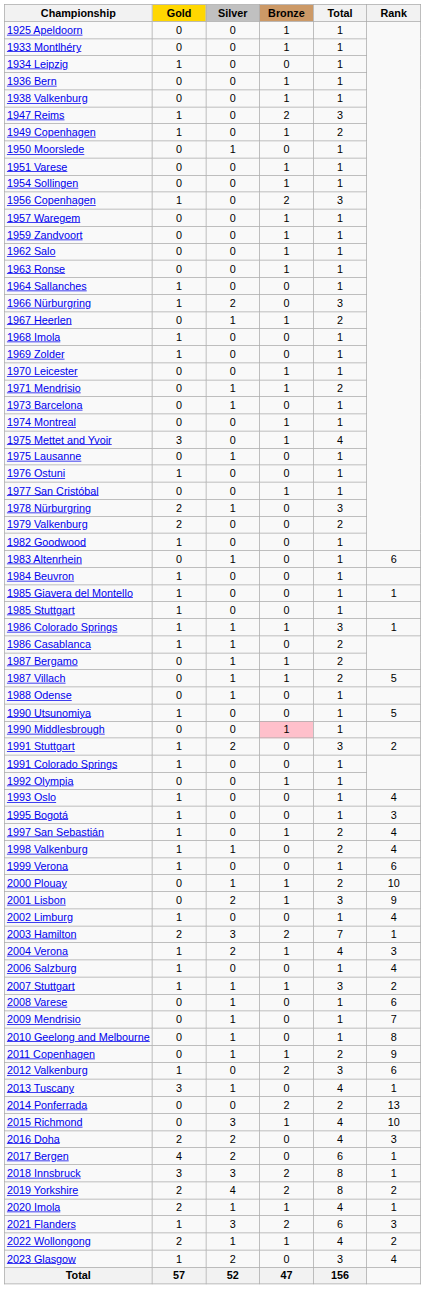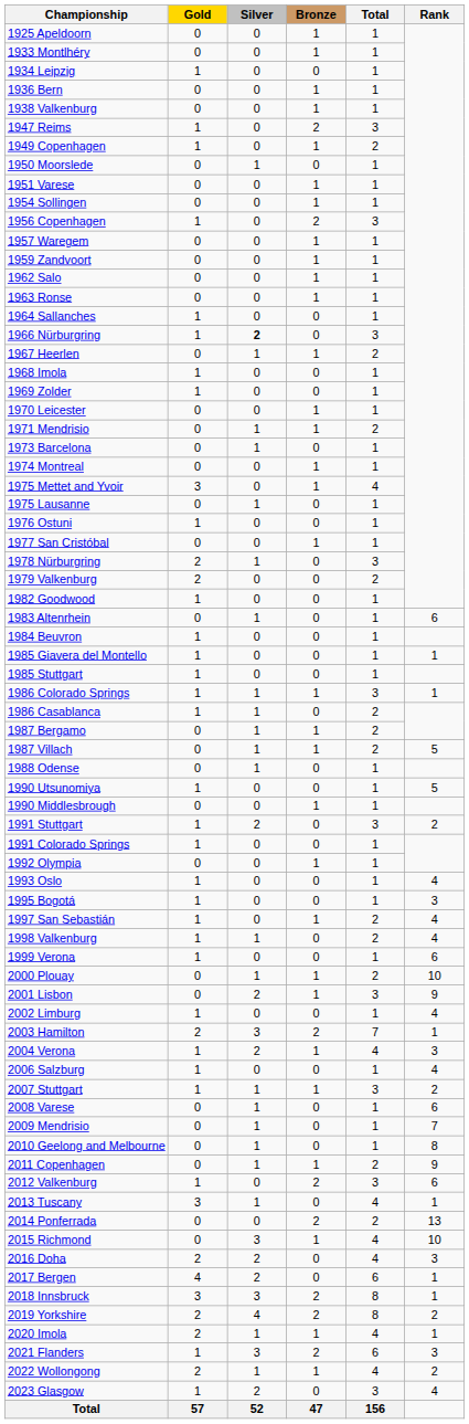 <table class="wikitable sortable" border="1" style="text-align:center; font-size:90%;">
 <tr>
 <th style="width:15:em;">Championship</th>
 <td style="background:gold; width:4.5em; font-weight:bold;">Gold</td>
 <td style="background:silver; width:4.5em; font-weight:bold;">Silver</td>
 <td style="background:#cc9966; width:4.5em; font-weight:bold;">Bronze</td>
 <th style="width:4.5em;">Total</th>
 <th style="width:4.5em;">Rank</th>
 </tr>
 <tr>
 <td align=left> <a href='#'>1925 Apeldoorn</a></td>
 <td>0</td>
 <td>0</td>
 <td>1</td>
 <td>1</td>
 </tr>
 <tr>
 <td align=left> <a href='#'>1933 Montlhéry</a></td>
 <td>0</td>
 <td>0</td>
 <td>1</td>
 <td>1</td>
 </tr>
 <tr>
 <td align=left> <a href='#'>1934 Leipzig</a></td>
 <td>1</td>
 <td>0</td>
 <td>0</td>
 <td>1</td>
 </tr>
 <tr>
 <td align=left> <a href='#'>1936 Bern</a></td>
 <td>0</td>
 <td>0</td>
 <td>1</td>
 <td>1</td>
 </tr>
 <tr>
 <td align=left> <a href='#'>1938 Valkenburg</a></td>
 <td>0</td>
 <td>0</td>
 <td>1</td>
 <td>1</td>
 </tr>
 <tr>
 <td align=left> <a href='#'>1947 Reims</a></td>
 <td>1</td>
 <td>0</td>
 <td>2</td>
 <td>3</td>
 </tr>
 <tr>
 <td align=left> <a href='#'>1949 Copenhagen</a></td>
 <td>1</td>
 <td>0</td>
 <td>1</td>
 <td>2</td>
 </tr>
 <tr>
 <td align=left> <a href='#'>1950 Moorslede</a></td>
 <td>0</td>
 <td>1</td>
 <td>0</td>
 <td>1</td>
 </tr>
 <tr>
 <td align=left> <a href='#'>1951 Varese</a></td>
 <td>0</td>
 <td>0</td>
 <td>1</td>
 <td>1</td>
 </tr>
 <tr>
 <td align=left> <a href='#'>1954 Sollingen</a></td>
 <td>0</td>
 <td>0</td>
 <td>1</td>
 <td>1</td>
 </tr>
 <tr>
 <td align=left> <a href='#'>1956 Copenhagen</a></td>
 <td>1</td>
 <td>0</td>
 <td>2</td>
 <td>3</td>
 </tr>
 <tr>
 <td align=left> <a href='#'>1957 Waregem</a></td>
 <td>0</td>
 <td>0</td>
 <td>1</td>
 <td>1</td>
 </tr>
 <tr>
 <td align=left> <a href='#'>1959 Zandvoort</a></td>
 <td>0</td>
 <td>0</td>
 <td>1</td>
 <td>1</td>
 </tr>
 <tr>
 <td align=left> <a href='#'>1962 Salo</a></td>
 <td>0</td>
 <td>0</td>
 <td>1</td>
 <td>1</td>
 </tr>
 <tr>
 <td align=left> <a href='#'>1963 Ronse</a></td>
 <td>0</td>
 <td>0</td>
 <td>1</td>
 <td>1</td>
 </tr>
 <tr>
 <td align=left> <a href='#'>1964 Sallanches</a></td>
 <td>1</td>
 <td>0</td>
 <td>0</td>
 <td>1</td>
 </tr>
 <tr>
 <td align=left> <a href='#'>1966 Nürburgring</a></td>
 <td>1</td>
-<td>2</td>
+<td><strong>2</strong></td>
 <td>0</td>
 <td>3</td>
 </tr>
 <tr>
 <td align=left> <a href='#'>1967 Heerlen</a></td>
 <td>0</td>
 <td>1</td>
 <td>1</td>
 <td>2</td>
 </tr>
 <tr>
 <td align=left> <a href='#'>1968 Imola</a></td>
 <td>1</td>
 <td>0</td>
 <td>0</td>
 <td>1</td>
 </tr>
 <tr>
 <td align=left> <a href='#'>1969 Zolder</a></td>
 <td>1</td>
 <td>0</td>
 <td>0</td>
 <td>1</td>
 </tr>
 <tr>
 <td align=left> <a href='#'>1970 Leicester</a></td>
 <td>0</td>
 <td>0</td>
 <td>1</td>
 <td>1</td>
 </tr>
 <tr>
 <td align=left> <a href='#'>1971 Mendrisio</a></td>
 <td>0</td>
 <td>1</td>
 <td>1</td>
 <td>2</td>
 </tr>
 <tr>
 <td align=left> <a href='#'>1973 Barcelona</a></td>
 <td>0</td>
 <td>1</td>
 <td>0</td>
 <td>1</td>
 </tr>
 <tr>
 <td align=left> <a href='#'>1974 Montreal</a></td>
 <td>0</td>
 <td>0</td>
 <td>1</td>
 <td>1</td>
 </tr>
 <tr>
 <td align=left> <a href='#'>1975 Mettet and Yvoir</a></td>
 <td>3</td>
 <td>0</td>
 <td>1</td>
 <td>4</td>
 </tr>
 <tr>
 <td align=left> <a href='#'>1975 Lausanne</a></td>
 <td>0</td>
 <td>1</td>
 <td>0</td>
 <td>1</td>
 </tr>
 <tr>
 <td align=left> <a href='#'>1976 Ostuni</a></td>
 <td>1</td>
 <td>0</td>
 <td>0</td>
 <td>1</td>
 </tr>
 <tr>
 <td align=left> <a href='#'>1977 San Cristóbal</a></td>
 <td>0</td>
 <td>0</td>
 <td>1</td>
 <td>1</td>
 </tr>
 <tr>
 <td align=left> <a href='#'>1978 Nürburgring</a></td>
 <td>2</td>
 <td>1</td>
 <td>0</td>
 <td>3</td>
 </tr>
 <tr>
 <td align=left> <a href='#'>1979 Valkenburg</a></td>
 <td>2</td>
 <td>0</td>
 <td>0</td>
 <td>2</td>
 </tr>
 <tr>
 <td align=left> <a href='#'>1982 Goodwood</a></td>
 <td>1</td>
 <td>0</td>
 <td>0</td>
 <td>1</td>
 </tr>
 <tr>
 <td align=left> <a href='#'>1983 Altenrhein</a></td>
 <td>0</td>
 <td>1</td>
 <td>0</td>
 <td>1</td>
 <td>6</td>
 </tr>
 <tr>
 <td align=left> <a href='#'>1984 Beuvron</a></td>
 <td>1</td>
 <td>0</td>
 <td>0</td>
 <td>1</td>
 </tr>
 <tr>
 <td align=left> <a href='#'>1985 Giavera del Montello</a></td>
 <td>1</td>
 <td>0</td>
 <td>0</td>
 <td>1</td>
 <td>1</td>
 </tr>
 <tr>
 <td align=left> <a href='#'>1985 Stuttgart</a></td>
 <td>1</td>
 <td>0</td>
 <td>0</td>
 <td>1</td>
 </tr>
 <tr>
 <td align=left> <a href='#'>1986 Colorado Springs</a></td>
 <td>1</td>
 <td>1</td>
 <td>1</td>
 <td>3</td>
 <td>1</td>
 </tr>
 <tr>
 <td align=left> <a href='#'>1986 Casablanca</a></td>
 <td>1</td>
 <td>1</td>
 <td>0</td>
 <td>2</td>
 </tr>
 <tr>
 <td align=left> <a href='#'>1987 Bergamo</a></td>
 <td>0</td>
 <td>1</td>
 <td>1</td>
 <td>2</td>
 </tr>
 <tr>
 <td align=left> <a href='#'>1987 Villach</a></td>
 <td>0</td>
 <td>1</td>
 <td>1</td>
 <td>2</td>
 <td>5</td>
 </tr>
 <tr>
 <td align=left> <a href='#'>1988 Odense</a></td>
 <td>0</td>
 <td>1</td>
 <td>0</td>
 <td>1</td>
 </tr>
 <tr>
 <td align=left> <a href='#'>1990 Utsunomiya</a></td>
 <td>1</td>
 <td>0</td>
 <td>0</td>
 <td>1</td>
 <td>5</td>
 </tr>
 <tr>
 <td align=left> <a href='#'>1990 Middlesbrough</a></td>
 <td>0</td>
 <td>0</td>
-<td style="background: pink;">1</td>
+<td>1</td>
 <td>1</td>
 </tr>
 <tr>
 <td align=left> <a href='#'>1991 Stuttgart</a></td>
 <td>1</td>
 <td>2</td>
 <td>0</td>
 <td>3</td>
 <td>2</td>
 </tr>
 <tr>
 <td align=left> <a href='#'>1991 Colorado Springs</a></td>
 <td>1</td>
 <td>0</td>
 <td>0</td>
 <td>1</td>
 </tr>
 <tr>
 <td align=left> <a href='#'>1992 Olympia</a></td>
 <td>0</td>
 <td>0</td>
 <td>1</td>
 <td>1</td>
 </tr>
 <tr>
 <td align=left> <a href='#'>1993 Oslo</a></td>
 <td>1</td>
 <td>0</td>
 <td>0</td>
 <td>1</td>
 <td>4</td>
 </tr>
 <tr>
 <td align=left> <a href='#'>1995 Bogotá</a></td>
 <td>1</td>
 <td>0</td>
 <td>0</td>
 <td>1</td>
 <td>3</td>
 </tr>
 <tr>
 <td align=left> <a href='#'>1997 San Sebastián</a></td>
 <td>1</td>
 <td>0</td>
 <td>1</td>
 <td>2</td>
 <td>4</td>
 </tr>
 <tr>
 <td align=left> <a href='#'>1998 Valkenburg</a></td>
 <td>1</td>
 <td>1</td>
 <td>0</td>
 <td>2</td>
 <td>4</td>
 </tr>
 <tr>
 <td align=left> <a href='#'>1999 Verona</a></td>
 <td>1</td>
 <td>0</td>
 <td>0</td>
 <td>1</td>
 <td>6</td>
 </tr>
 <tr>
 <td align=left> <a href='#'>2000 Plouay</a></td>
 <td>0</td>
 <td>1</td>
 <td>1</td>
 <td>2</td>
 <td>10</td>
 </tr>
 <tr>
 <td align=left> <a href='#'>2001 Lisbon</a></td>
 <td>0</td>
 <td>2</td>
 <td>1</td>
 <td>3</td>
 <td>9</td>
 </tr>
 <tr>
 <td align=left> <a href='#'>2002 Limburg</a></td>
 <td>1</td>
 <td>0</td>
 <td>0</td>
 <td>1</td>
 <td>4</td>
 </tr>
 <tr>
 <td align=left> <a href='#'>2003 Hamilton</a></td>
 <td>2</td>
 <td>3</td>
 <td>2</td>
 <td>7</td>
 <td>1</td>
 </tr>
 <tr>
 <td align=left> <a href='#'>2004 Verona</a></td>
 <td>1</td>
 <td>2</td>
 <td>1</td>
 <td>4</td>
 <td>3</td>
 </tr>
 <tr>
 <td align=left> <a href='#'>2006 Salzburg</a></td>
 <td>1</td>
 <td>0</td>
 <td>0</td>
 <td>1</td>
 <td>4</td>
 </tr>
 <tr>
 <td align=left> <a href='#'>2007 Stuttgart</a></td>
 <td>1</td>
 <td>1</td>
 <td>1</td>
 <td>3</td>
 <td>2</td>
 </tr>
 <tr>
 <td align=left> <a href='#'>2008 Varese</a></td>
 <td>0</td>
 <td>1</td>
 <td>0</td>
 <td>1</td>
 <td>6</td>
 </tr>
 <tr>
 <td align=left> <a href='#'>2009 Mendrisio</a></td>
 <td>0</td>
 <td>1</td>
 <td>0</td>
 <td>1</td>
 <td>7</td>
 </tr>
 <tr>
 <td align=left> <a href='#'>2010 Geelong and Melbourne</a></td>
 <td>0</td>
 <td>1</td>
 <td>0</td>
 <td>1</td>
 <td>8</td>
 </tr>
 <tr>
 <td align=left> <a href='#'>2011 Copenhagen</a></td>
 <td>0</td>
 <td>1</td>
 <td>1</td>
 <td>2</td>
 <td>9</td>
 </tr>
 <tr>
 <td align=left> <a href='#'>2012 Valkenburg</a></td>
 <td>1</td>
 <td>0</td>
 <td>2</td>
 <td>3</td>
 <td>6</td>
 </tr>
 <tr>
 <td align=left> <a href='#'>2013 Tuscany</a></td>
 <td>3</td>
 <td>1</td>
 <td>0</td>
 <td>4</td>
 <td>1</td>
 </tr>
 <tr>
 <td align=left> <a href='#'>2014 Ponferrada</a></td>
 <td>0</td>
 <td>0</td>
 <td>2</td>
 <td>2</td>
 <td>13</td>
 </tr>
 <tr>
 <td align=left> <a href='#'>2015 Richmond</a></td>
 <td>0</td>
 <td>3</td>
 <td>1</td>
 <td>4</td>
 <td>10</td>
 </tr>
 <tr>
 <td align=left> <a href='#'>2016 Doha</a></td>
 <td>2</td>
 <td>2</td>
 <td>0</td>
 <td>4</td>
 <td>3</td>
 </tr>
 <tr>
 <td align=left> <a href='#'>2017 Bergen</a></td>
 <td>4</td>
 <td>2</td>
 <td>0</td>
 <td>6</td>
 <td>1</td>
 </tr>
 <tr>
 <td align=left> <a href='#'>2018 Innsbruck</a></td>
 <td>3</td>
 <td>3</td>
 <td>2</td>
 <td>8</td>
 <td>1</td>
 </tr>
 <tr>
 <td align=left> <a href='#'>2019 Yorkshire</a></td>
 <td>2</td>
 <td>4</td>
 <td>2</td>
 <td>8</td>
 <td>2</td>
 </tr>
 <tr>
 <td align=left> <a href='#'>2020 Imola</a></td>
 <td>2</td>
 <td>1</td>
 <td>1</td>
 <td>4</td>
 <td>1</td>
 </tr>
 <tr>
 <td align=left> <a href='#'>2021 Flanders</a></td>
 <td>1</td>
 <td>3</td>
 <td>2</td>
 <td>6</td>
 <td>3</td>
 </tr>
 <tr>
 <td align=left> <a href='#'>2022 Wollongong</a></td>
 <td>2</td>
 <td>1</td>
 <td>1</td>
 <td>4</td>
 <td>2</td>
 </tr>
 <tr>
 <td align=left> <a href='#'>2023 Glasgow</a></td>
 <td>1</td>
 <td>2</td>
 <td>0</td>
 <td>3</td>
 <td>4</td>
 </tr>
 <tr>
 <th>Total</th>
 <th>57</th>
 <th>52</th>
 <th>47</th>
 <th>156</th>
 </tr>
 </table>
